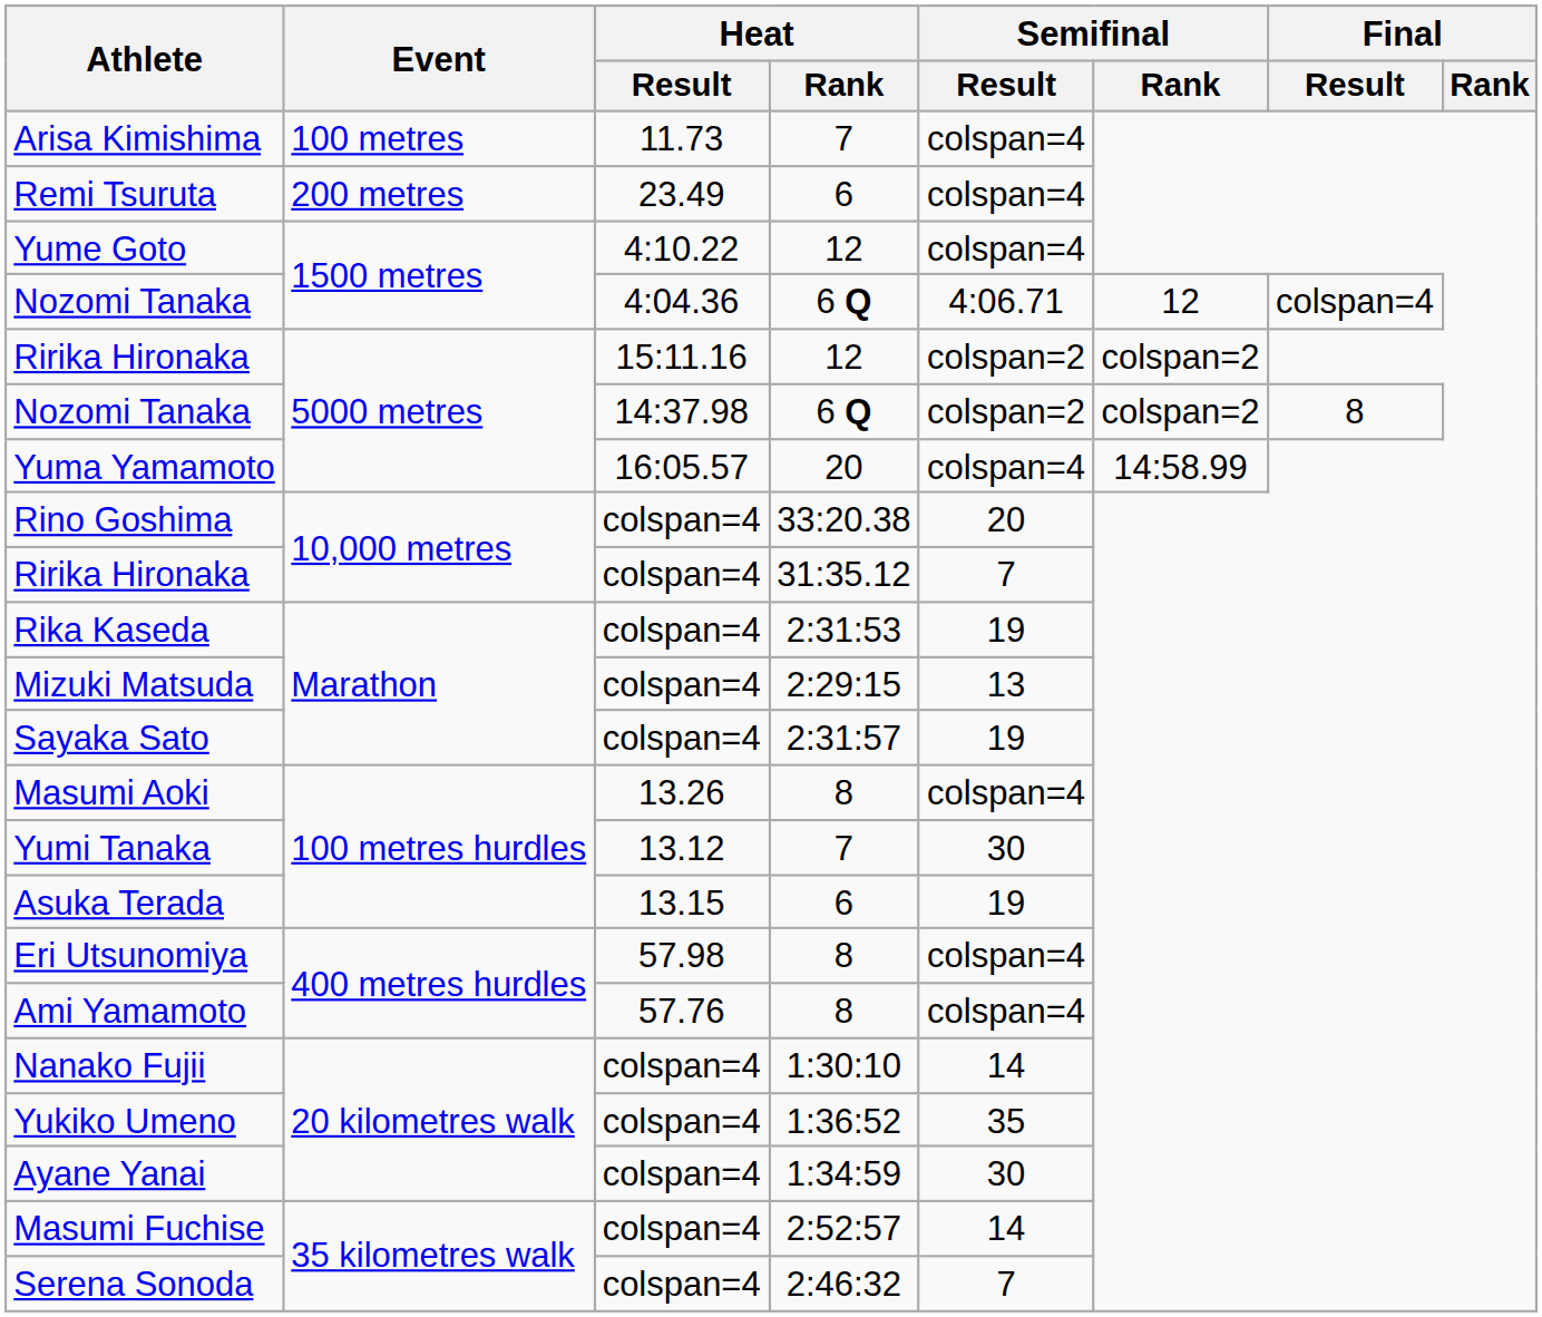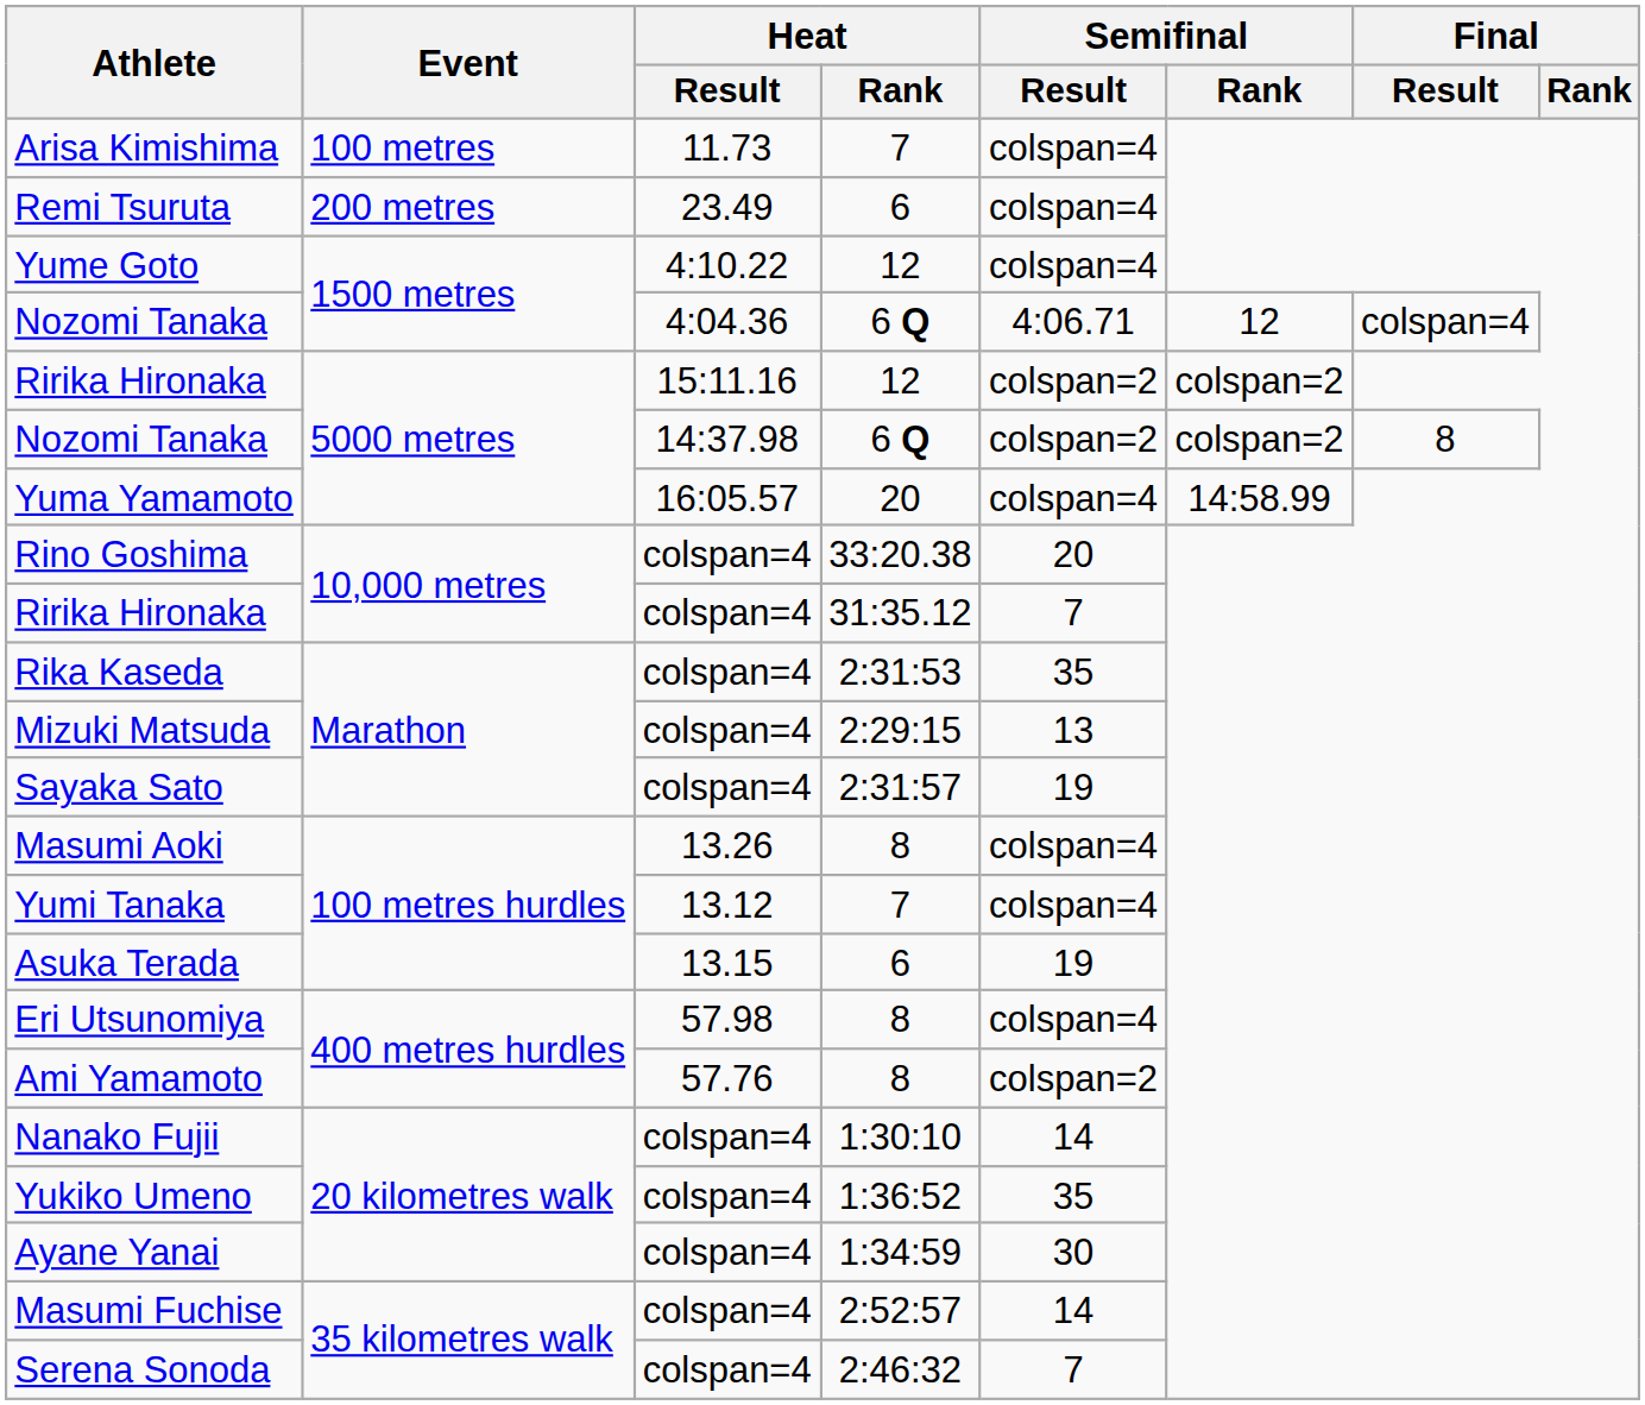 <table class="wikitable" style="font-size:90%">
 <tr>
 <th rowspan="2">Athlete</th>
 <th rowspan="2">Event</th>
 <th colspan="2">Heat</th>
 <th colspan="2">Semifinal</th>
 <th colspan="2">Final</th>
 </tr>
 <tr style="font-size:95%">
 <th>Result</th>
 <th>Rank</th>
 <th>Result</th>
 <th>Rank</th>
 <th>Result</th>
 <th>Rank</th>
 </tr>
 <tr align=center>
 <td align=left><a href='#'>Arisa Kimishima</a></td>
 <td align=left><a href='#'>100 metres</a></td>
 <td>11.73</td>
 <td>7</td>
 <td>colspan=4 </td>
 </tr>
 <tr align=center>
 <td align=left><a href='#'>Remi Tsuruta</a></td>
 <td align=left><a href='#'>200 metres</a></td>
 <td>23.49</td>
 <td>6</td>
 <td>colspan=4 </td>
 </tr>
 <tr align=center>
 <td align=left><a href='#'>Yume Goto</a></td>
 <td align=left rowspan=2><a href='#'>1500 metres</a></td>
 <td>4:10.22</td>
 <td>12</td>
 <td>colspan=4 </td>
 </tr>
 <tr align=center>
 <td align=left><a href='#'>Nozomi Tanaka</a></td>
 <td>4:04.36 </td>
 <td>6 <strong>Q</strong></td>
 <td>4:06.71</td>
 <td>12</td>
 <td>colspan=4 </td>
 </tr>
 <tr align=center>
 <td align=left><a href='#'>Ririka Hironaka</a></td>
 <td align=left rowspan=3><a href='#'>5000 metres</a></td>
 <td>15:11.16 </td>
 <td>12</td>
 <td>colspan=2</td>
 <td>colspan=2 </td>
 </tr>
 <tr align=center>
 <td align=left><a href='#'>Nozomi Tanaka</a></td>
 <td>14:37.98 </td>
 <td>6 <strong>Q</strong></td>
 <td>colspan=2</td>
 <td>colspan=2 </td>
 <td>8</td>
 </tr>
 <tr align=center>
 <td align=left><a href='#'>Yuma Yamamoto</a></td>
 <td>16:05.57</td>
 <td>20</td>
 <td>colspan=4 </td>
 <td>14:58.99</td>
 </tr>
 <tr align=center>
 <td align=left><a href='#'>Rino Goshima</a></td>
 <td align=left rowspan=2><a href='#'>10,000 metres</a></td>
 <td>colspan=4</td>
 <td>33:20.38</td>
 <td>20</td>
 </tr>
 <tr align=center>
 <td align=left><a href='#'>Ririka Hironaka</a></td>
 <td>colspan=4</td>
 <td>31:35.12 </td>
 <td>7</td>
 </tr>
 <tr align=center>
 <td align=left><a href='#'>Rika Kaseda</a></td>
 <td align=left rowspan=3><a href='#'>Marathon</a></td>
 <td>colspan=4</td>
 <td>2:31:53</td>
-<td>19</td>
+<td>35</td>
 </tr>
 <tr align=center>
 <td align=left><a href='#'>Mizuki Matsuda</a></td>
 <td>colspan=4</td>
 <td>2:29:15</td>
 <td>13</td>
 </tr>
 <tr align=center>
 <td align=left><a href='#'>Sayaka Sato</a></td>
 <td>colspan=4</td>
 <td>2:31:57</td>
 <td>19</td>
 </tr>
 <tr align=center>
 <td align=left><a href='#'>Masumi Aoki</a></td>
 <td align=left rowspan=3><a href='#'>100 metres hurdles</a></td>
 <td>13.26</td>
 <td>8</td>
 <td>colspan=4 </td>
 </tr>
 <tr align=center>
 <td align=left><a href='#'>Yumi Tanaka</a></td>
 <td>13.12</td>
 <td>7</td>
-<td>30</td>
+<td>colspan=4 </td>
 </tr>
 <tr align=center>
 <td align=left><a href='#'>Asuka Terada</a></td>
 <td>13.15</td>
 <td>6</td>
 <td>19</td>
 </tr>
 <tr align=center>
 <td align=left><a href='#'>Eri Utsunomiya</a></td>
 <td align=left rowspan=2><a href='#'>400 metres hurdles</a></td>
 <td>57.98</td>
 <td>8</td>
 <td>colspan=4 </td>
 </tr>
 <tr align=center>
 <td align=left><a href='#'>Ami Yamamoto</a></td>
 <td>57.76</td>
 <td>8</td>
-<td>colspan=4 </td>
+<td>colspan=2</td>
 </tr>
 <tr align=center>
 <td align=left><a href='#'>Nanako Fujii</a></td>
 <td align=left rowspan=3><a href='#'>20 kilometres walk</a></td>
 <td>colspan=4</td>
 <td>1:30:10</td>
 <td>14</td>
 </tr>
 <tr align=center>
 <td align=left><a href='#'>Yukiko Umeno</a></td>
 <td>colspan=4</td>
 <td>1:36:52</td>
 <td>35</td>
 </tr>
 <tr align=center>
 <td align=left><a href='#'>Ayane Yanai</a></td>
 <td>colspan=4</td>
 <td>1:34:59</td>
 <td>30</td>
 </tr>
 <tr align=center>
 <td align=left><a href='#'>Masumi Fuchise</a></td>
 <td align=left rowspan=2><a href='#'>35 kilometres walk</a></td>
 <td>colspan=4</td>
 <td>2:52:57 </td>
 <td>14</td>
 </tr>
 <tr align=center>
 <td align=left><a href='#'>Serena Sonoda</a></td>
 <td>colspan=4</td>
 <td>2:46:32</td>
 <td>7</td>
 </tr>
 </table>
